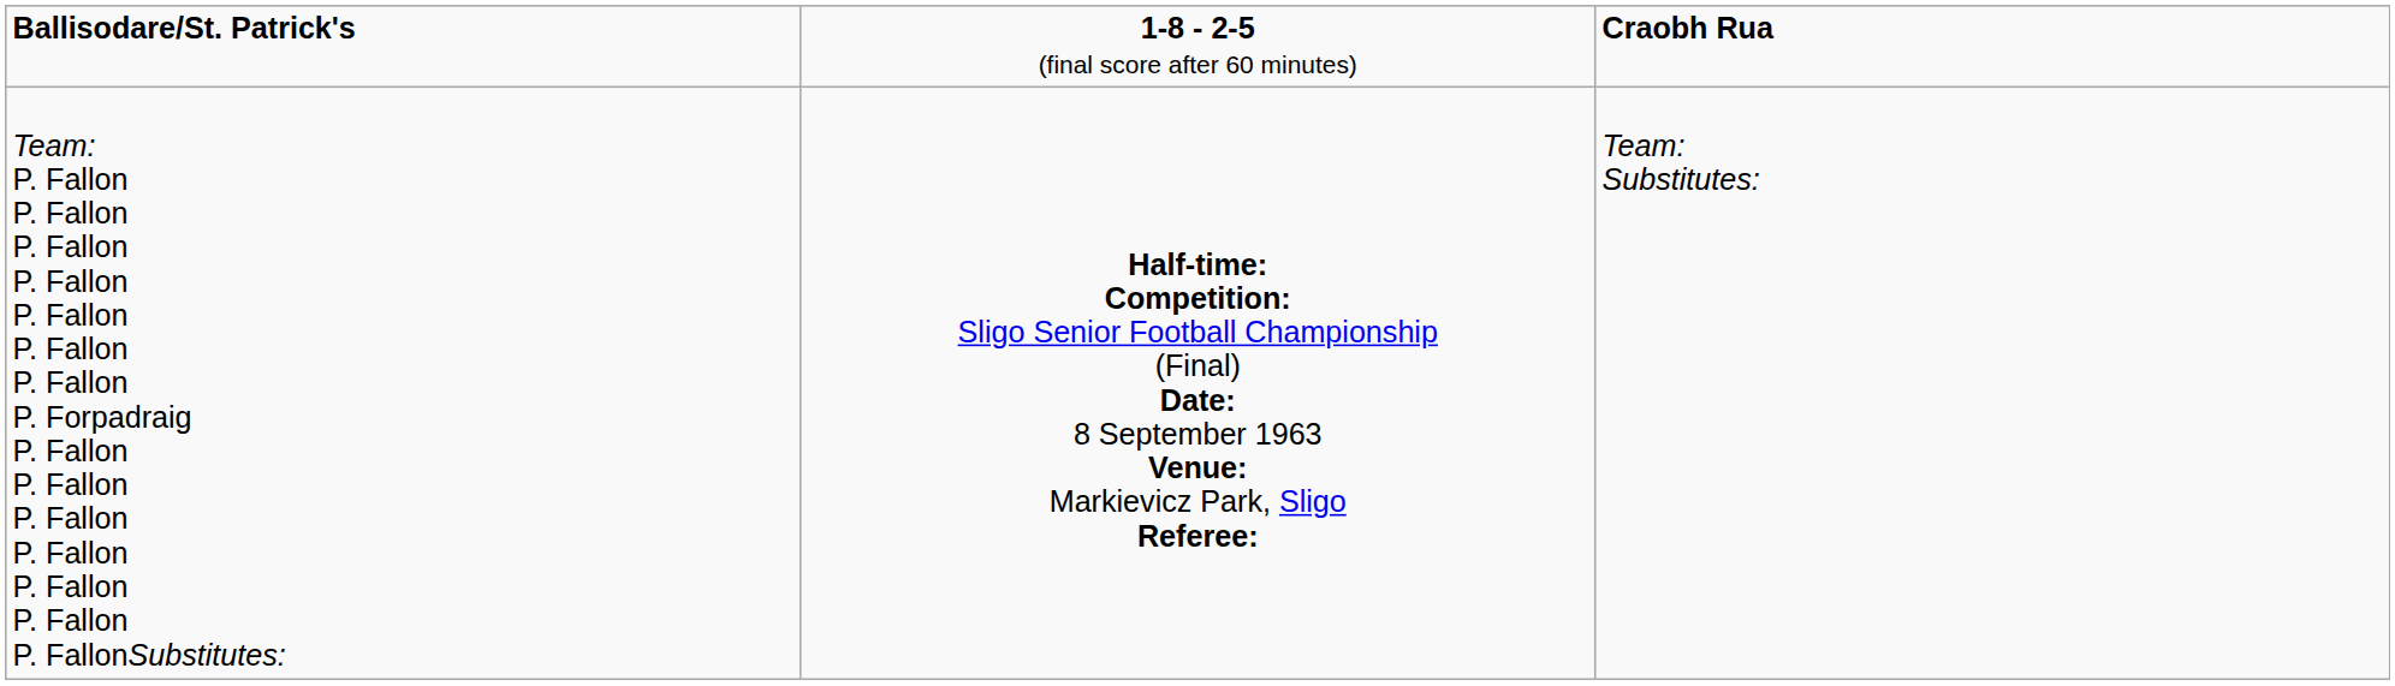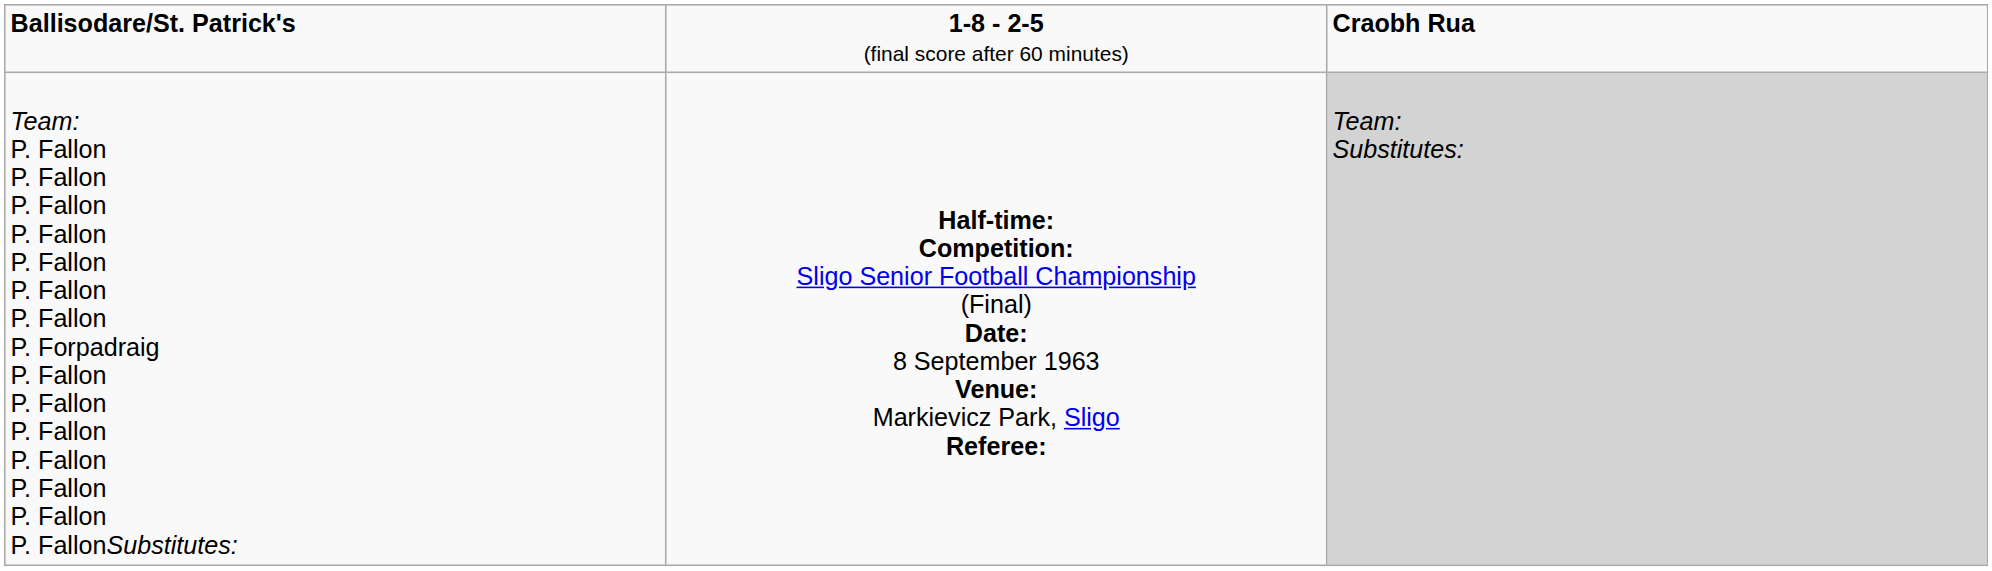 <table border=0 class="wikitable" width=100%>
 <tr>
 <td width=33% valign=top><span><strong>Ballisodare/St. Patrick's</strong></span><br><small></small></td>
 <td width=33% valign=top align=center><span><strong>1-8 - 2-5</strong></span><br><small>(final score after 60 minutes)</small></td>
 <td width=33% valign=top><span><strong>Craobh Rua</strong></span><br><small></small></td>
 </tr>
 <tr>
 <td valign=top><br><em>Team:</em> <br>P. Fallon <br>P. Fallon <br>P. Fallon <br>P. Fallon <br>P. Fallon <br>P. Fallon <br>P. Fallon <br>P. Forpadraig <br>P. Fallon <br>P. Fallon <br>P. Fallon <br>P. Fallon <br>P. Fallon <br>P. Fallon <br>P. Fallon<em>Substitutes:</em> <br></td>
 <td valign=middle align=center><br><strong>Half-time:</strong><br><strong>Competition:</strong><br><a href='#'>Sligo Senior Football Championship</a><br>(Final)<br><strong>Date:</strong><br>8 September 1963<br><strong>Venue:</strong><br>Markievicz Park, <a href='#'>Sligo</a><br><strong>Referee:</strong><br></td>
-<td valign=top><br><em>Team:</em> <br><em>Substitutes:</em> <br></td>
+<td valign=top style="background: lightgrey;"><br><em>Team:</em> <br><em>Substitutes:</em> <br></td>
 </tr>
 </table>
